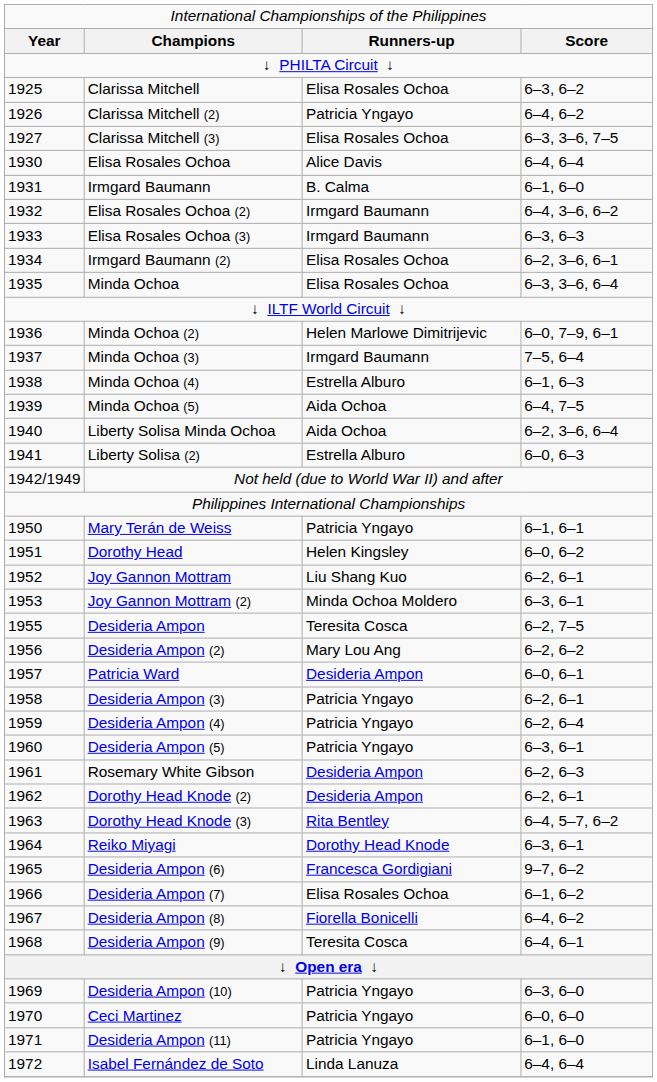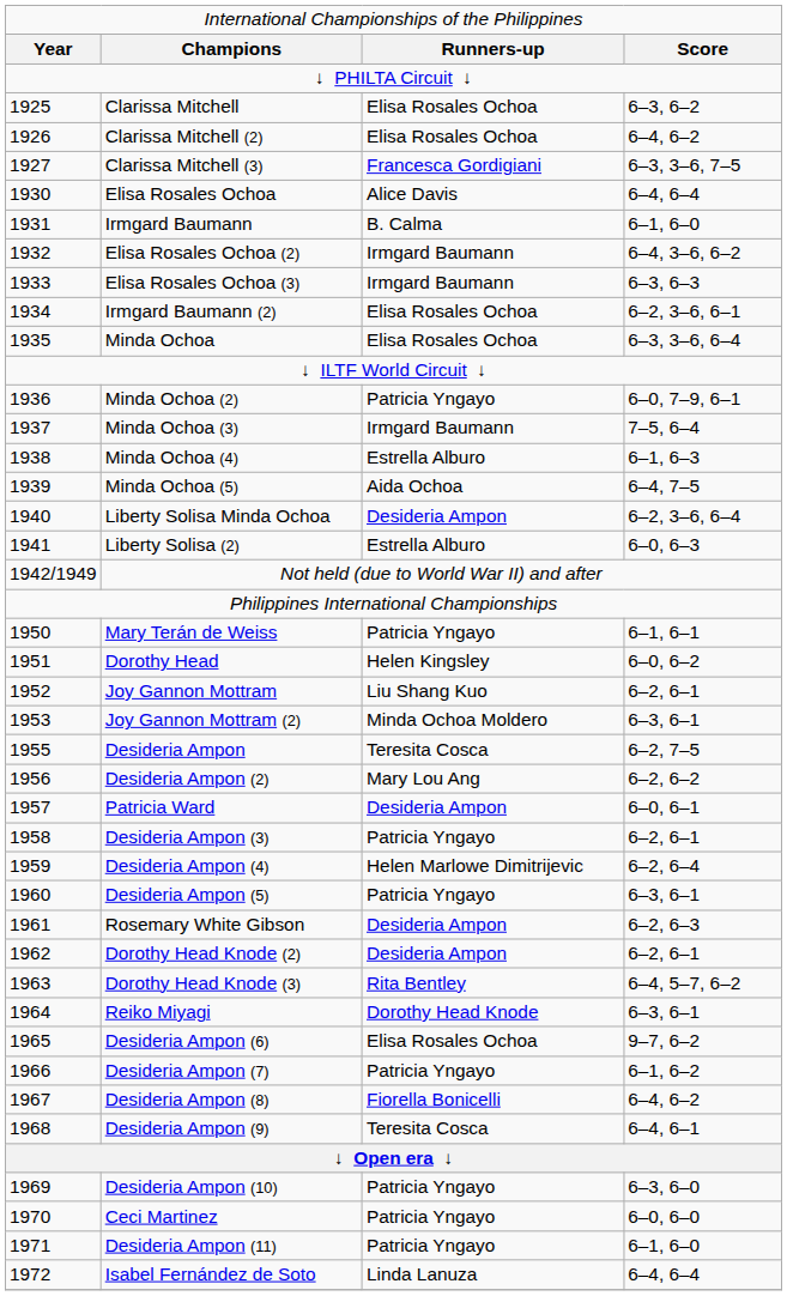 <table class="wikitable">
 <tr>
 <td colspan=4 align=center><em>International Championships of the Philippines</em></td>
 </tr>
 <tr>
 <th style="width:50px">Year</th>
 <th style="width:220px">Champions</th>
 <th style="width:220px">Runners-up</th>
 <th style="width:130px" class="unsortable">Score</th>
 </tr>
 <tr>
 <td colspan=5 align=center>↓  <a href='#'>PHILTA Circuit</a>  ↓</td>
 </tr>
 <tr>
 <td>1925</td>
 <td> Clarissa Mitchell</td>
 <td> Elisa Rosales Ochoa</td>
 <td>6–3, 6–2</td>
 </tr>
 <tr>
 <td>1926</td>
 <td> Clarissa Mitchell <small>(2)</small></td>
-<td> Patricia Yngayo</td>
+<td> Elisa Rosales Ochoa</td>
 <td>6–4, 6–2</td>
 </tr>
 <tr>
 <td>1927</td>
 <td> Clarissa Mitchell <small>(3)</small></td>
-<td> Elisa Rosales Ochoa</td>
+<td> <a href='#'>Francesca Gordigiani</a></td>
 <td>6–3, 3–6, 7–5</td>
 </tr>
 <tr>
 <td>1930</td>
 <td> Elisa Rosales Ochoa</td>
 <td> Alice Davis</td>
 <td>6–4, 6–4</td>
 </tr>
 <tr>
 <td>1931</td>
 <td> Irmgard Baumann</td>
 <td> B. Calma</td>
 <td>6–1, 6–0</td>
 </tr>
 <tr>
 <td>1932</td>
 <td> Elisa Rosales Ochoa <small>(2)</small></td>
 <td> Irmgard Baumann</td>
 <td>6–4, 3–6, 6–2</td>
 </tr>
 <tr>
 <td>1933</td>
 <td> Elisa Rosales Ochoa <small>(3)</small></td>
 <td> Irmgard Baumann</td>
 <td>6–3, 6–3</td>
 </tr>
 <tr>
 <td>1934</td>
 <td> Irmgard Baumann <small>(2)</small></td>
 <td> Elisa Rosales Ochoa</td>
 <td>6–2, 3–6, 6–1</td>
 </tr>
 <tr>
 <td>1935</td>
 <td> Minda Ochoa</td>
 <td> Elisa Rosales Ochoa</td>
 <td>6–3, 3–6, 6–4</td>
 </tr>
 <tr>
 <td colspan=5 align=center>↓  <a href='#'>ILTF World Circuit</a>  ↓</td>
 </tr>
 <tr>
 <td>1936</td>
 <td>  Minda Ochoa <small>(2)</small></td>
-<td> Helen Marlowe Dimitrijevic</td>
+<td> Patricia Yngayo</td>
 <td>6–0, 7–9, 6–1</td>
 </tr>
 <tr>
 <td>1937</td>
 <td> Minda Ochoa <small>(3)</small></td>
 <td> Irmgard Baumann</td>
 <td>7–5, 6–4</td>
 </tr>
 <tr>
 <td>1938</td>
 <td> Minda Ochoa <small>(4)</small></td>
 <td> Estrella Alburo</td>
 <td>6–1, 6–3</td>
 </tr>
 <tr>
 <td>1939</td>
 <td> Minda Ochoa <small>(5)</small></td>
 <td> Aida Ochoa</td>
 <td>6–4, 7–5</td>
 </tr>
 <tr>
 <td>1940</td>
 <td> Liberty Solisa Minda Ochoa</td>
-<td> Aida Ochoa</td>
+<td> <a href='#'>Desideria Ampon</a></td>
 <td>6–2, 3–6, 6–4</td>
 </tr>
 <tr>
 <td>1941</td>
 <td> Liberty Solisa <small>(2)</small></td>
 <td>  Estrella Alburo</td>
 <td>6–0, 6–3</td>
 </tr>
 <tr>
 <td>1942/1949</td>
 <td colspan=4 align=center><em>Not held (due to World War II) and after</em></td>
 </tr>
 <tr>
 <td colspan=4 align=center><em>Philippines International Championships</em></td>
 </tr>
 <tr>
 <td>1950</td>
 <td> <a href='#'>Mary Terán de Weiss</a></td>
 <td> Patricia Yngayo</td>
 <td>6–1, 6–1</td>
 </tr>
 <tr>
 <td>1951</td>
 <td> <a href='#'>Dorothy Head</a></td>
 <td> Helen Kingsley</td>
 <td>6–0, 6–2</td>
 </tr>
 <tr>
 <td>1952</td>
 <td> <a href='#'>Joy Gannon Mottram</a></td>
 <td> Liu Shang Kuo</td>
 <td>6–2, 6–1</td>
 </tr>
 <tr>
 <td>1953</td>
 <td> <a href='#'>Joy Gannon Mottram</a> <small>(2)</small></td>
 <td>  Minda Ochoa Moldero</td>
 <td>6–3, 6–1</td>
 </tr>
 <tr>
 <td>1955</td>
 <td> <a href='#'>Desideria Ampon</a></td>
 <td>  Teresita Cosca</td>
 <td>6–2, 7–5</td>
 </tr>
 <tr>
 <td>1956</td>
 <td> <a href='#'>Desideria Ampon</a> <small>(2)</small></td>
 <td> Mary Lou Ang</td>
 <td>6–2, 6–2</td>
 </tr>
 <tr>
 <td>1957</td>
 <td> <a href='#'>Patricia Ward</a></td>
 <td> <a href='#'>Desideria Ampon</a></td>
 <td>6–0, 6–1</td>
 </tr>
 <tr>
 <td>1958</td>
 <td> <a href='#'>Desideria Ampon</a> <small>(3)</small></td>
 <td> Patricia Yngayo</td>
 <td>6–2, 6–1</td>
 </tr>
 <tr>
 <td>1959</td>
 <td> <a href='#'>Desideria Ampon</a> <small>(4)</small></td>
-<td> Patricia Yngayo</td>
+<td> Helen Marlowe Dimitrijevic</td>
 <td>6–2, 6–4</td>
 </tr>
 <tr>
 <td>1960</td>
 <td> <a href='#'>Desideria Ampon</a> <small>(5)</small></td>
 <td> Patricia Yngayo</td>
 <td>6–3, 6–1</td>
 </tr>
 <tr>
 <td>1961</td>
 <td> Rosemary White Gibson</td>
 <td> <a href='#'>Desideria Ampon</a></td>
 <td>6–2, 6–3</td>
 </tr>
 <tr>
 <td>1962</td>
 <td> <a href='#'>Dorothy Head Knode</a> <small>(2)</small></td>
 <td> <a href='#'>Desideria Ampon</a></td>
 <td>6–2, 6–1</td>
 </tr>
 <tr>
 <td>1963</td>
 <td> <a href='#'>Dorothy Head Knode</a> <small>(3)</small></td>
 <td> <a href='#'>Rita Bentley</a></td>
 <td>6–4, 5–7, 6–2</td>
 </tr>
 <tr>
 <td>1964</td>
 <td> <a href='#'>Reiko Miyagi</a></td>
 <td> <a href='#'>Dorothy Head Knode</a></td>
 <td>6–3, 6–1</td>
 </tr>
 <tr>
 <td>1965</td>
 <td> <a href='#'>Desideria Ampon</a> <small>(6)</small></td>
-<td> <a href='#'>Francesca Gordigiani</a></td>
+<td> Elisa Rosales Ochoa</td>
 <td>9–7, 6–2</td>
 </tr>
 <tr>
 <td>1966</td>
 <td> <a href='#'>Desideria Ampon</a> <small>(7)</small></td>
-<td> Elisa Rosales Ochoa</td>
+<td> Patricia Yngayo</td>
 <td>6–1, 6–2</td>
 </tr>
 <tr>
 <td>1967</td>
 <td> <a href='#'>Desideria Ampon</a> <small>(8)</small></td>
 <td> <a href='#'>Fiorella Bonicelli</a></td>
 <td>6–4, 6–2</td>
 </tr>
 <tr>
 <td>1968</td>
 <td> <a href='#'>Desideria Ampon</a> <small>(9)</small></td>
 <td> Teresita Cosca</td>
 <td>6–4, 6–1</td>
 </tr>
 <tr>
 <th colspan=4 align=center>↓  <a href='#'>Open era</a>  ↓</th>
 </tr>
 <tr>
 <td>1969</td>
 <td> <a href='#'>Desideria Ampon</a> <small>(10)</small></td>
 <td> Patricia Yngayo</td>
 <td>6–3, 6–0</td>
 </tr>
 <tr>
 <td>1970</td>
 <td> <a href='#'>Ceci Martinez</a></td>
 <td> Patricia Yngayo</td>
 <td>6–0, 6–0</td>
 </tr>
 <tr>
 <td>1971</td>
 <td> <a href='#'>Desideria Ampon</a> <small>(11)</small></td>
 <td> Patricia Yngayo</td>
 <td>6–1, 6–0</td>
 </tr>
 <tr>
 <td>1972</td>
 <td> <a href='#'>Isabel Fernández de Soto</a></td>
 <td> Linda Lanuza</td>
 <td>6–4, 6–4</td>
 </tr>
 <tr>
 </tr>
 </table>
